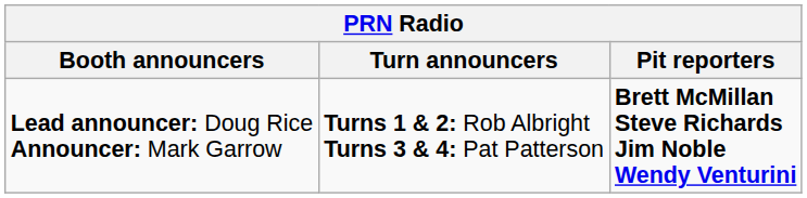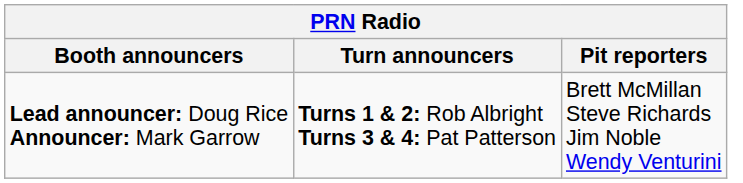 <table class="wikitable" style="font-size: 95%;">
 <tr>
 <th colspan="3"><a href='#'>PRN</a> Radio</th>
 </tr>
 <tr>
 <th>Booth announcers</th>
 <th>Turn announcers</th>
 <th>Pit reporters</th>
 </tr>
 <tr>
 <td><strong>Lead announcer:</strong> Doug Rice<br><strong>Announcer:</strong> Mark Garrow</td>
 <td><strong>Turns 1 & 2:</strong> Rob Albright<br><strong>Turns 3 & 4:</strong> Pat Patterson</td>
-<td><strong>Brett McMillan<br>Steve Richards<br>Jim Noble<br><a href='#'>Wendy Venturini</a></strong></td>
+<td>Brett McMillan<br>Steve Richards<br>Jim Noble<br><a href='#'>Wendy Venturini</a></td>
 </tr>
 </table>
